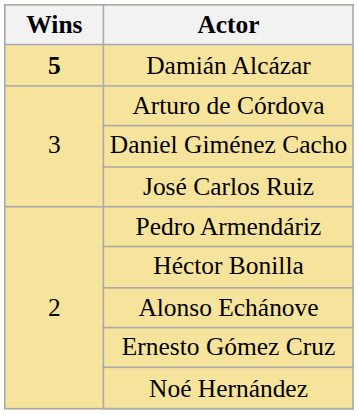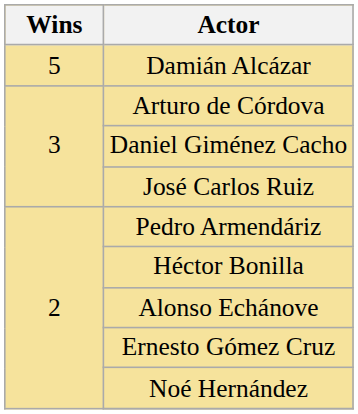 <table class="wikitable" rowspan=2 style="text-align: center; background: #f6e39c">
 <tr>
 <th scope="col" width="55">Wins</th>
 <th scope="col" align="center">Actor</th>
 </tr>
 <tr>
-<td rowspan=1 style="text-align:center;"><strong>5</strong></td>
+<td rowspan=1 style="text-align:center;">5</td>
 <td>Damián Alcázar</td>
 </tr>
 <tr>
 <td rowspan=3 style="text-align:center;">3</td>
 <td>Arturo de Córdova</td>
 </tr>
 <tr>
 <td>Daniel Giménez Cacho</td>
 </tr>
 <tr>
 <td>José Carlos Ruiz</td>
 </tr>
 <tr>
 <td rowspan=6 style="text-align:center;">2</td>
 <td>Pedro Armendáriz</td>
 </tr>
 <tr>
 <td>Héctor Bonilla</td>
 </tr>
 <tr>
 <td>Alonso Echánove</td>
 </tr>
 <tr>
 <td>Ernesto Gómez Cruz</td>
 </tr>
 <tr>
 <td>Noé Hernández</td>
 </tr>
 <tr>
 </tr>
 </table>
